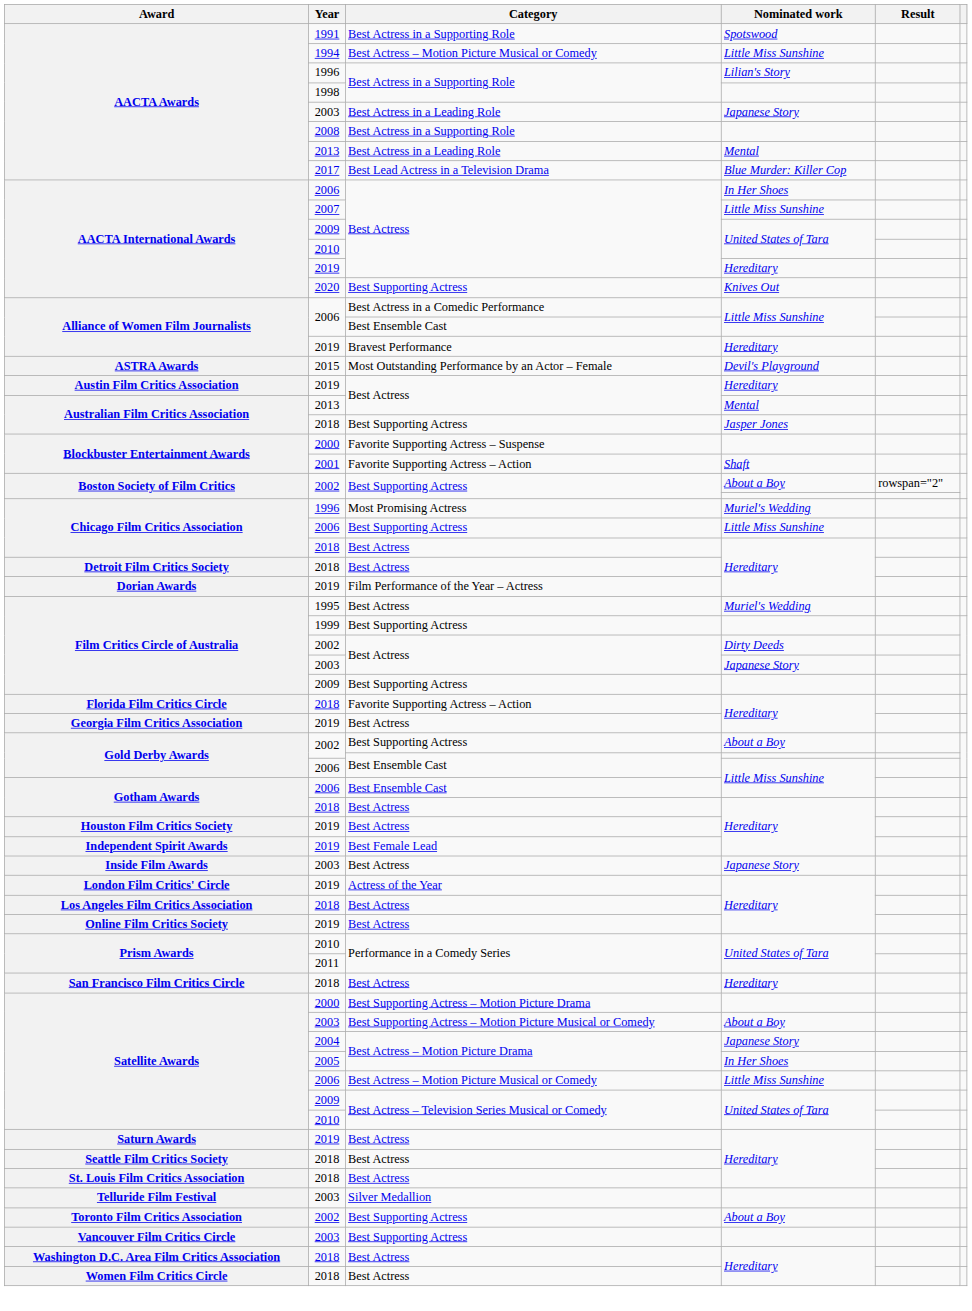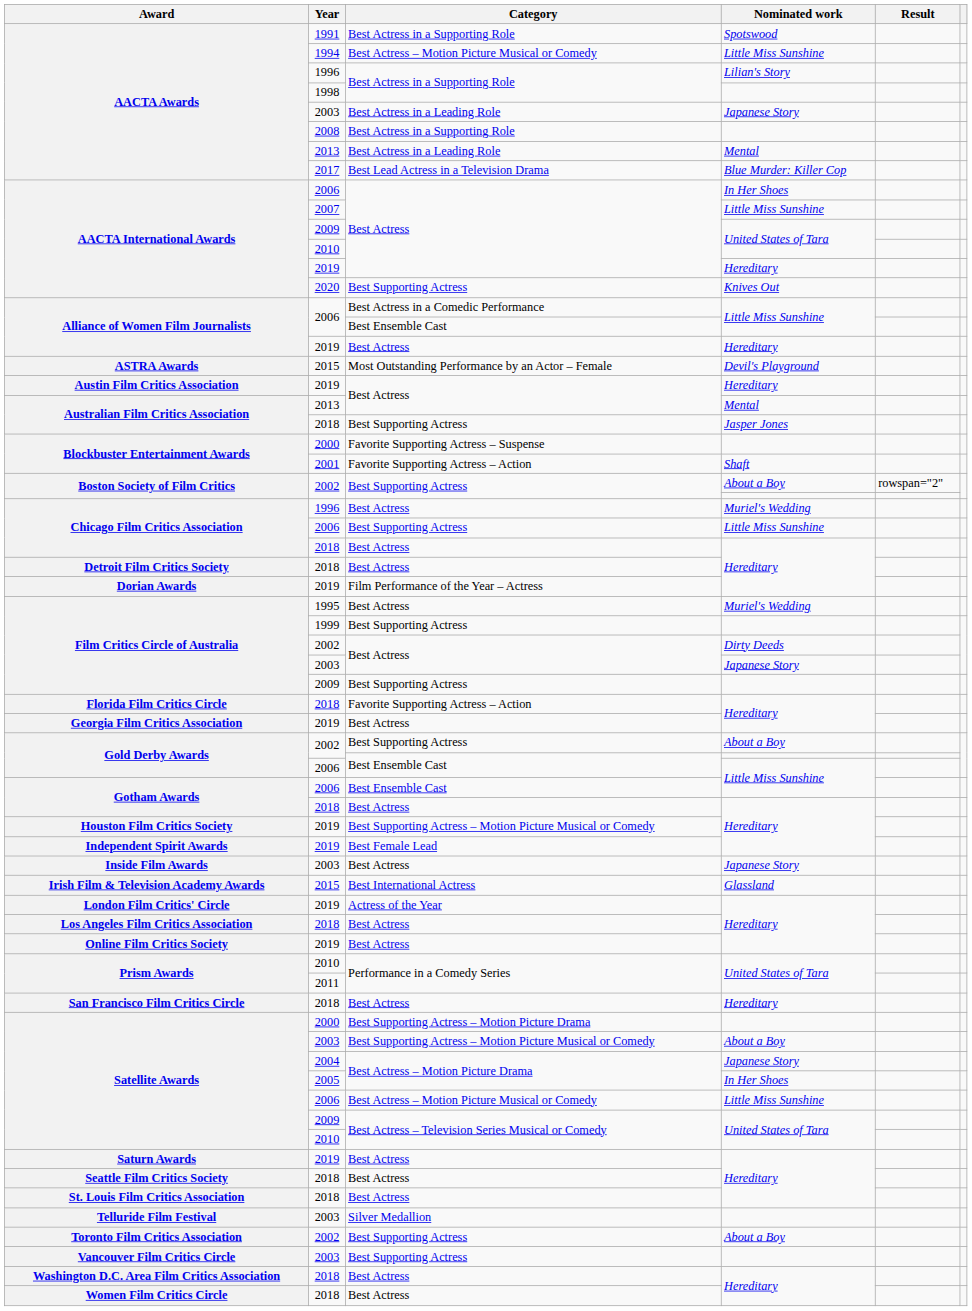 <table class="wikitable plainrowheaders sortable" style="width:99%;">
 <tr style="background:#ccc; text-align:center;">
 <th scope="col">Award</th>
 <th scope="col">Year</th>
 <th scope="col">Category</th>
 <th scope="col">Nominated work</th>
 <th scope="col">Result</th>
 <th scope="col" class="unsortable"></th>
 </tr>
 <tr>
 <th scope="row" rowspan="8"><a href='#'>AACTA Awards</a></th>
 <td style="text-align:center;"><a href='#'>1991</a></td>
 <td><a href='#'>Best Actress in a Supporting Role</a></td>
 <td><em><a href='#'>Spotswood</a></em></td>
 <td></td>
 <td style="text-align:center;"></td>
 </tr>
 <tr>
 <td style="text-align:center;"><a href='#'>1994</a></td>
 <td><a href='#'>Best Actress – Motion Picture Musical or Comedy</a></td>
 <td><em><a href='#'>Little Miss Sunshine</a></em></td>
 <td></td>
 <td style="text-align:center;"></td>
 </tr>
 <tr>
 <td style="text-align:center;">1996</td>
 <td rowspan="2"><a href='#'>Best Actress in a Supporting Role</a></td>
 <td><em><a href='#'>Lilian's Story</a></em></td>
 <td></td>
 <td style="text-align:center;"></td>
 </tr>
 <tr>
 <td style="text-align:center;">1998</td>
 <td></td>
 <td></td>
 <td style="text-align:center;"></td>
 </tr>
 <tr>
 <td style="text-align:center;">2003</td>
 <td><a href='#'>Best Actress in a Leading Role</a></td>
 <td><em><a href='#'>Japanese Story</a></em></td>
 <td></td>
 <td style="text-align:center;"></td>
 </tr>
 <tr>
 <td style="text-align:center;"><a href='#'>2008</a></td>
 <td><a href='#'>Best Actress in a Supporting Role</a></td>
 <td></td>
 <td></td>
 <td style="text-align:center;"></td>
 </tr>
 <tr>
 <td style="text-align:center;"><a href='#'>2013</a></td>
 <td><a href='#'>Best Actress in a Leading Role</a></td>
 <td><em><a href='#'>Mental</a></em></td>
 <td></td>
 <td style="text-align:center;"></td>
 </tr>
 <tr>
 <td style="text-align:center;"><a href='#'>2017</a></td>
 <td><a href='#'>Best Lead Actress in a Television Drama</a></td>
 <td><em><a href='#'>Blue Murder: Killer Cop</a></em></td>
 <td></td>
 <td style="text-align:center;"></td>
 </tr>
 <tr>
 <th rowspan="6" scope="row"><a href='#'>AACTA International Awards</a></th>
 <td style="text-align:center;"><a href='#'>2006</a></td>
 <td rowspan="5"><a href='#'>Best Actress</a></td>
 <td><em><a href='#'>In Her Shoes</a></em></td>
 <td></td>
 <td style="text-align:center;"></td>
 </tr>
 <tr>
 <td style="text-align:center;"><a href='#'>2007</a></td>
 <td><em><a href='#'>Little Miss Sunshine</a></em></td>
 <td></td>
 <td style="text-align:center;"></td>
 </tr>
 <tr>
 <td style="text-align:center;"><a href='#'>2009</a></td>
 <td rowspan="2"><em><a href='#'>United States of Tara</a></em></td>
 <td></td>
 <td style="text-align:center;"></td>
 </tr>
 <tr>
 <td style="text-align:center;"><a href='#'>2010</a></td>
 <td></td>
 <td style="text-align:center;"></td>
 </tr>
 <tr>
 <td style="text-align:center;"><a href='#'>2019</a></td>
 <td><em><a href='#'>Hereditary</a></em></td>
 <td></td>
 <td style="text-align:center;"></td>
 </tr>
 <tr>
 <td style="text-align:center;"><a href='#'>2020</a></td>
 <td><a href='#'>Best Supporting Actress</a></td>
 <td><a href='#'><em>Knives Out</em></a></td>
 <td></td>
 <td style="text-align:center;"></td>
 </tr>
 <tr>
 <th scope="row" rowspan="3"><a href='#'>Alliance of Women Film Journalists</a></th>
 <td rowspan="2" style="text-align:center;">2006</td>
 <td>Best Actress in a Comedic Performance</td>
 <td rowspan="2"><em><a href='#'>Little Miss Sunshine</a></em></td>
 <td></td>
 <td style="text-align:center;"></td>
 </tr>
 <tr>
 <td>Best Ensemble Cast</td>
 <td></td>
 <td style="text-align:center;"></td>
 </tr>
 <tr>
 <td style="text-align:center;">2019</td>
-<td>Bravest Performance</td>
+<td><a href='#'>Best Actress</a></td>
 <td><em><a href='#'>Hereditary</a></em></td>
 <td></td>
 <td style="text-align:center;"></td>
 </tr>
 <tr>
 <th scope="row"><a href='#'>ASTRA Awards</a></th>
 <td style="text-align:center;">2015</td>
 <td>Most Outstanding Performance by an Actor – Female</td>
 <td><em><a href='#'>Devil's Playground</a></em></td>
 <td></td>
 <td style="text-align:center;"></td>
 </tr>
 <tr>
 <th scope="row"><a href='#'>Austin Film Critics Association</a></th>
 <td style="text-align:center;">2019</td>
 <td rowspan="2">Best Actress</td>
 <td><em><a href='#'>Hereditary</a></em></td>
 <td></td>
 <td style="text-align:center;"></td>
 </tr>
 <tr>
 <th scope="row" rowspan="2"><a href='#'>Australian Film Critics Association</a></th>
 <td style="text-align:center;">2013</td>
 <td><em><a href='#'>Mental</a></em></td>
 <td></td>
 <td style="text-align:center;"></td>
 </tr>
 <tr>
 <td style="text-align:center;">2018</td>
 <td>Best Supporting Actress</td>
 <td><em><a href='#'>Jasper Jones</a></em></td>
 <td></td>
 <td style="text-align:center;"></td>
 </tr>
 <tr>
 <th scope="row" rowspan="2"><a href='#'>Blockbuster Entertainment Awards</a></th>
 <td style="text-align:center;"><a href='#'>2000</a></td>
 <td>Favorite Supporting Actress – Suspense</td>
 <td></td>
 <td></td>
 <td style="text-align:center;"></td>
 </tr>
 <tr>
 <td style="text-align:center;"><a href='#'>2001</a></td>
 <td>Favorite Supporting Actress – Action</td>
 <td><em><a href='#'>Shaft</a></em></td>
 <td></td>
 <td style="text-align:center;"></td>
 </tr>
 <tr>
 <th scope="row" rowspan="2"><a href='#'>Boston Society of Film Critics</a></th>
 <td rowspan="2" style="text-align:center;"><a href='#'>2002</a></td>
 <td rowspan="2"><a href='#'>Best Supporting Actress</a></td>
 <td><em><a href='#'>About a Boy</a></em></td>
 <td>rowspan="2" </td>
 <td rowspan="2" style="text-align:center;"></td>
 </tr>
 <tr>
 <td></td>
 </tr>
 <tr>
 <th scope="row" rowspan="3"><a href='#'>Chicago Film Critics Association</a></th>
 <td style="text-align:center;"><a href='#'>1996</a></td>
-<td>Most Promising Actress</td>
+<td><a href='#'>Best Actress</a></td>
 <td><em><a href='#'>Muriel's Wedding</a></em></td>
 <td></td>
 <td style="text-align:center;"></td>
 </tr>
 <tr>
 <td style="text-align:center;"><a href='#'>2006</a></td>
 <td><a href='#'>Best Supporting Actress</a></td>
 <td><em><a href='#'>Little Miss Sunshine</a></em></td>
 <td></td>
 <td style="text-align:center;"></td>
 </tr>
 <tr>
 <td style="text-align:center;"><a href='#'>2018</a></td>
 <td><a href='#'>Best Actress</a></td>
 <td rowspan="3"><em><a href='#'>Hereditary</a></em></td>
 <td></td>
 <td style="text-align:center;"></td>
 </tr>
 <tr>
 <th scope="row"><a href='#'>Detroit Film Critics Society</a></th>
 <td style="text-align:center;">2018</td>
 <td><a href='#'>Best Actress</a></td>
 <td></td>
 <td style="text-align:center;"></td>
 </tr>
 <tr>
 <th scope="row"><a href='#'>Dorian Awards</a></th>
 <td style="text-align:center;">2019</td>
 <td>Film Performance of the Year – Actress</td>
 <td></td>
 <td style="text-align:center;"></td>
 </tr>
 <tr>
 <th scope="row" rowspan="5"><a href='#'>Film Critics Circle of Australia</a></th>
 <td style="text-align:center;">1995</td>
 <td>Best Actress</td>
 <td><em><a href='#'>Muriel's Wedding</a></em></td>
 <td></td>
 <td style="text-align:center;"></td>
 </tr>
 <tr>
 <td style="text-align:center;">1999</td>
 <td>Best Supporting Actress</td>
 <td></td>
 <td></td>
 <td rowspan="3" style="text-align:center;"></td>
 </tr>
 <tr>
 <td style="text-align:center;">2002</td>
 <td rowspan="2">Best Actress</td>
 <td><em><a href='#'>Dirty Deeds</a></em></td>
 <td></td>
 </tr>
 <tr>
 <td style="text-align:center;">2003</td>
 <td><em><a href='#'>Japanese Story</a></em></td>
 <td></td>
 </tr>
 <tr>
 <td style="text-align:center;">2009</td>
 <td>Best Supporting Actress</td>
 <td></td>
 <td></td>
 <td style="text-align:center;"></td>
 </tr>
 <tr>
 <th scope="row"><a href='#'>Florida Film Critics Circle</a></th>
 <td style="text-align:center;"><a href='#'>2018</a></td>
 <td>Favorite Supporting Actress – Action</td>
 <td rowspan="2"><em><a href='#'>Hereditary</a></em></td>
 <td></td>
 <td style="text-align:center;"></td>
 </tr>
 <tr>
 <th scope="row"><a href='#'>Georgia Film Critics Association</a></th>
 <td style="text-align:center;">2019</td>
 <td>Best Actress</td>
 <td></td>
 <td style="text-align:center;"></td>
 </tr>
 <tr>
 <th scope="row" rowspan="3"><a href='#'>Gold Derby Awards</a></th>
 <td rowspan="2" style="text-align:center;">2002</td>
 <td>Best Supporting Actress</td>
 <td><em><a href='#'>About a Boy</a></em></td>
 <td></td>
 <td rowspan="3" style="text-align:center;"></td>
 </tr>
 <tr>
 <td rowspan="2">Best Ensemble Cast</td>
 <td></td>
 <td></td>
 </tr>
 <tr>
 <td style="text-align:center;">2006</td>
 <td rowspan="2"><em><a href='#'>Little Miss Sunshine</a></em></td>
 <td></td>
 </tr>
 <tr>
 <th scope="row" rowspan="2"><a href='#'>Gotham Awards</a></th>
 <td style="text-align:center;"><a href='#'>2006</a></td>
 <td><a href='#'>Best Ensemble Cast</a></td>
 <td></td>
 <td style="text-align:center;"></td>
 </tr>
 <tr>
 <td style="text-align:center;"><a href='#'>2018</a></td>
 <td><a href='#'>Best Actress</a></td>
 <td rowspan="3"><em><a href='#'>Hereditary</a></em></td>
 <td></td>
 <td style="text-align:center;"></td>
 </tr>
 <tr>
 <th scope="row"><a href='#'>Houston Film Critics Society</a></th>
 <td style="text-align:center;">2019</td>
-<td><a href='#'>Best Actress</a></td>
+<td><a href='#'>Best Supporting Actress – Motion Picture Musical or Comedy</a></td>
 <td></td>
 <td style="text-align:center;"></td>
 </tr>
 <tr>
 <th scope="row"><a href='#'>Independent Spirit Awards</a></th>
 <td style="text-align:center;"><a href='#'>2019</a></td>
 <td><a href='#'>Best Female Lead</a></td>
 <td></td>
 <td style="text-align:center;"></td>
 </tr>
 <tr>
 <th scope="row"><a href='#'>Inside Film Awards</a></th>
 <td style="text-align:center;">2003</td>
 <td>Best Actress</td>
 <td><em><a href='#'>Japanese Story</a></em></td>
+<td></td>
+<td style="text-align:center;"></td>
+</tr>
+<tr>
+<th scope="row"><a href='#'>Irish Film & Television Academy Awards</a></th>
+<td style="text-align:center;"><a href='#'>2015</a></td>
+<td><a href='#'>Best International Actress</a></td>
+<td><em><a href='#'>Glassland</a></em></td>
 <td></td>
 <td style="text-align:center;"></td>
 </tr>
 <tr>
 <th scope="row"><a href='#'>London Film Critics' Circle</a></th>
 <td style="text-align:center;">2019</td>
 <td><a href='#'>Actress of the Year</a></td>
 <td rowspan="3"><em><a href='#'>Hereditary</a></em></td>
 <td></td>
 <td style="text-align:center;"></td>
 </tr>
 <tr>
 <th scope="row"><a href='#'>Los Angeles Film Critics Association</a></th>
 <td style="text-align:center;"><a href='#'>2018</a></td>
 <td><a href='#'>Best Actress</a></td>
 <td></td>
 <td style="text-align:center;"></td>
 </tr>
 <tr>
 <th scope="row"><a href='#'>Online Film Critics Society</a></th>
 <td style="text-align:center;">2019</td>
 <td><a href='#'>Best Actress</a></td>
 <td></td>
 <td style="text-align:center;"></td>
 </tr>
 <tr>
 <th scope="row" rowspan="2"><a href='#'>Prism Awards</a></th>
 <td style="text-align:center;">2010</td>
 <td rowspan="2">Performance in a Comedy Series</td>
 <td rowspan="2"><em><a href='#'>United States of Tara</a></em></td>
 <td></td>
 <td style="text-align:center;"></td>
 </tr>
 <tr>
 <td style="text-align:center;">2011</td>
 <td></td>
 <td style="text-align:center;"></td>
 </tr>
 <tr>
 <th scope="row"><a href='#'>San Francisco Film Critics Circle</a></th>
 <td style="text-align:center;">2018</td>
 <td><a href='#'>Best Actress</a></td>
 <td><em><a href='#'>Hereditary</a></em></td>
 <td></td>
 <td style="text-align:center;"></td>
 </tr>
 <tr>
 <th scope="row" rowspan="7"><a href='#'>Satellite Awards</a></th>
 <td style="text-align:center;"><a href='#'>2000</a></td>
 <td><a href='#'>Best Supporting Actress – Motion Picture Drama</a></td>
 <td></td>
 <td></td>
 <td style="text-align:center;"></td>
 </tr>
 <tr>
 <td style="text-align:center;"><a href='#'>2003</a></td>
 <td><a href='#'>Best Supporting Actress – Motion Picture Musical or Comedy</a></td>
 <td><em><a href='#'>About a Boy</a></em></td>
 <td></td>
 <td style="text-align:center;"></td>
 </tr>
 <tr>
 <td style="text-align:center;"><a href='#'>2004</a></td>
 <td rowspan="2"><a href='#'>Best Actress – Motion Picture Drama</a></td>
 <td><em><a href='#'>Japanese Story</a></em></td>
 <td></td>
 <td style="text-align:center;"></td>
 </tr>
 <tr>
 <td style="text-align:center;"><a href='#'>2005</a></td>
 <td><em><a href='#'>In Her Shoes</a></em></td>
 <td></td>
 <td style="text-align:center;"></td>
 </tr>
 <tr>
 <td style="text-align:center;"><a href='#'>2006</a></td>
 <td><a href='#'>Best Actress – Motion Picture Musical or Comedy</a></td>
 <td><em><a href='#'>Little Miss Sunshine</a></em></td>
 <td></td>
 <td style="text-align:center;"></td>
 </tr>
 <tr>
 <td style="text-align:center;"><a href='#'>2009</a></td>
 <td rowspan="2"><a href='#'>Best Actress – Television Series Musical or Comedy</a></td>
 <td rowspan="2"><em><a href='#'>United States of Tara</a></em></td>
 <td></td>
 <td style="text-align:center;"></td>
 </tr>
 <tr>
 <td style="text-align:center;"><a href='#'>2010</a></td>
 <td></td>
 <td style="text-align:center;"></td>
 </tr>
 <tr>
 <th scope="row"><a href='#'>Saturn Awards</a></th>
 <td style="text-align:center;"><a href='#'>2019</a></td>
 <td><a href='#'>Best Actress</a></td>
 <td rowspan="3"><em><a href='#'>Hereditary</a></em></td>
 <td></td>
 <td style="text-align:center;"></td>
 </tr>
 <tr>
 <th scope="row"><a href='#'>Seattle Film Critics Society</a></th>
 <td style="text-align:center;">2018</td>
 <td>Best Actress</td>
 <td></td>
 <td style="text-align:center;"></td>
 </tr>
 <tr>
 <th scope="row"><a href='#'>St. Louis Film Critics Association</a></th>
 <td style="text-align:center;">2018</td>
 <td><a href='#'>Best Actress</a></td>
 <td></td>
 <td style="text-align:center;"></td>
 </tr>
 <tr>
 <th scope="row"><a href='#'>Telluride Film Festival</a></th>
 <td style="text-align:center;">2003</td>
 <td><a href='#'>Silver Medallion</a></td>
 <td></td>
 <td></td>
 <td style="text-align:center;"></td>
 </tr>
 <tr>
 <th scope="row"><a href='#'>Toronto Film Critics Association</a></th>
 <td style="text-align:center;"><a href='#'>2002</a></td>
 <td><a href='#'>Best Supporting Actress</a></td>
 <td><em><a href='#'>About a Boy</a></em></td>
 <td></td>
 <td style="text-align:center;"></td>
 </tr>
 <tr>
 <th scope="row"><a href='#'>Vancouver Film Critics Circle</a></th>
 <td style="text-align:center;"><a href='#'>2003</a></td>
 <td><a href='#'>Best Supporting Actress</a></td>
 <td></td>
 <td></td>
 <td style="text-align:center;"></td>
 </tr>
 <tr>
 <th scope="row"><a href='#'>Washington D.C. Area Film Critics Association</a></th>
 <td style="text-align:center;"><a href='#'>2018</a></td>
 <td><a href='#'>Best Actress</a></td>
 <td rowspan="2"><em><a href='#'>Hereditary</a></em></td>
 <td></td>
 <td style="text-align:center;"></td>
 </tr>
 <tr>
 <th scope="row"><a href='#'>Women Film Critics Circle</a></th>
 <td style="text-align:center;">2018</td>
 <td>Best Actress</td>
 <td></td>
 <td style="text-align:center;"></td>
 </tr>
 </table>
